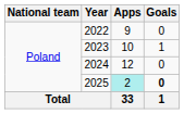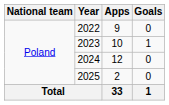 <table class="wikitable" style="text-align: center;">
 <tr>
 <th>National team</th>
 <th>Year</th>
 <th>Apps</th>
 <th>Goals</th>
 </tr>
 <tr>
 <td rowspan="4"><a href='#'>Poland</a></td>
 <td>2022</td>
 <td>9</td>
 <td>0</td>
 </tr>
 <tr>
 <td>2023</td>
 <td>10</td>
 <td>1</td>
 </tr>
 <tr>
 <td>2024</td>
 <td>12</td>
 <td>0</td>
 </tr>
 <tr>
 <td>2025</td>
-<td style="background: paleturquoise;">2</td>
-<td><strong>0</strong></td>
+<td>2</td>
+<td>0</td>
 </tr>
 <tr>
 <th colspan="2">Total</th>
 <th>33</th>
 <th>1</th>
 </tr>
 </table>
